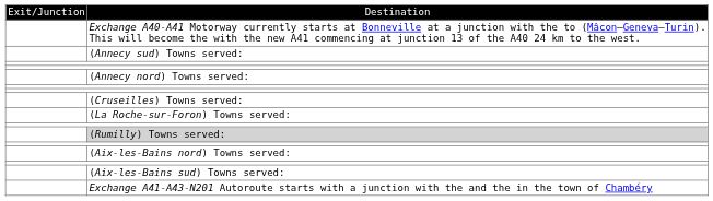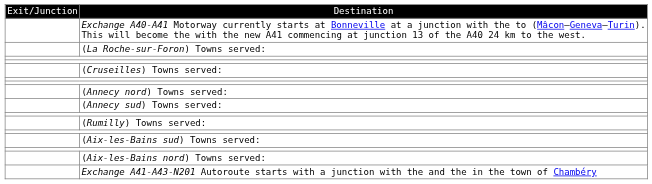 <table border=1 cellpadding=2 style="margin-left:1em; margin-bottom: 1em; color: black; border-collapse: collapse; font-size: 95%;">
 <tr align="center" bgcolor="000000" style="color: white">
 <td>Exit/Junction</td>
 <td>Destination</td>
 </tr>
 <tr>
 <td> </td>
 <td><em>Exchange A40-A41</em> Motorway currently starts at <a href='#'>Bonneville</a> at a junction with the <em></em> to  (<a href='#'>Mâcon</a>–<a href='#'>Geneva</a>–<a href='#'>Turin</a>).<br>This will become the <em></em> with the new A41 commencing at junction 13 of the A40 24 km to the west.</td>
 </tr>
 <tr>
 <td></td>
-<td>(<em>Annecy sud</em>) Towns served:</td>
+<td>(<em>La Roche-sur-Foron</em>) Towns served:</td>
+</tr>
+<tr>
+<td colspan="2"></td>
+</tr>
+<tr>
+<td colspan="2"></td>
+</tr>
+<tr>
+<td></td>
+<td>(<em>Cruseilles</em>) Towns served:</td>
 </tr>
 <tr>
 <td colspan="2"></td>
 </tr>
 <tr>
 <td colspan="2"></td>
 </tr>
 <tr>
 <td></td>
 <td>(<em>Annecy nord</em>) Towns served:</td>
 </tr>
 <tr>
-<td colspan="2"></td>
+<td></td>
+<td>(<em>Annecy sud</em>) Towns served:</td>
 </tr>
 <tr>
 <td colspan="2"></td>
 </tr>
 <tr>
 <td></td>
-<td>(<em>Cruseilles</em>) Towns served:</td>
-</tr>
-<tr>
-<td></td>
-<td>(<em>La Roche-sur-Foron</em>) Towns served:</td>
+<td>(<em>Rumilly</em>) Towns served:</td>
 </tr>
 <tr>
 <td colspan="2"></td>
 </tr>
 <tr>
 <td></td>
-<td style="background: lightgrey;">(<em>Rumilly</em>) Towns served:</td>
+<td>(<em>Aix-les-Bains sud</em>) Towns served:</td>
 </tr>
 <tr>
 <td colspan="2"></td>
 </tr>
 <tr>
 <td></td>
 <td>(<em>Aix-les-Bains nord</em>) Towns served:</td>
 </tr>
 <tr>
-<td colspan="2"></td>
-</tr>
-<tr>
-<td></td>
-<td>(<em>Aix-les-Bains sud</em>) Towns served:</td>
-</tr>
-<tr>
 <td></td>
 <td><em>Exchange A41-A43-N201</em> Autoroute starts with a junction with the <em></em> and the <em></em> in the town of <a href='#'>Chambéry</a></td>
 </tr>
 </table>
